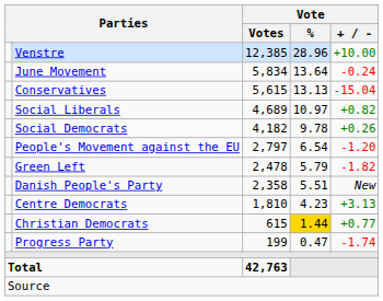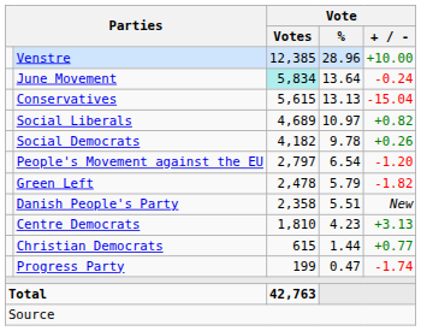 <table class="wikitable" style="text-align:right;">
 <tr>
 <th style="text-align:centre;" rowspan="2" colspan="2" width="225">Parties</th>
 <th colspan="3">Vote</th>
 </tr>
 <tr>
 <th width="15">Votes</th>
 <th width="15">%</th>
 <th width="15">+ / -</th>
 </tr>
 <tr>
 <td width="2" style="color:inherit;background:"></td>
 <td bgcolor=#cfe5fe   align="left"><a href='#'>Venstre</a></td>
 <td bgcolor=#cfe5fe>12,385</td>
 <td bgcolor=#cfe5fe>28.96</td>
 <td style=color:green;>+10.00</td>
 </tr>
 <tr>
 <td width="2" style="color:inherit;background:"></td>
 <td align="left"><a href='#'>June Movement</a></td>
-<td>5,834</td>
+<td style="background: paleturquoise;">5,834</td>
 <td>13.64</td>
 <td style=color:red;>-0.24</td>
 </tr>
 <tr>
 <td width="2" style="color:inherit;background:"></td>
 <td align="left"><a href='#'>Conservatives</a></td>
 <td>5,615</td>
 <td>13.13</td>
 <td style=color:red;>-15.04</td>
 </tr>
 <tr>
 <td width="2" style="color:inherit;background:"></td>
 <td align="left"><a href='#'>Social Liberals</a></td>
 <td>4,689</td>
 <td>10.97</td>
 <td style=color:green;>+0.82</td>
 </tr>
 <tr>
 <td width="2" style="color:inherit;background:"></td>
 <td align="left"><a href='#'>Social Democrats</a></td>
 <td>4,182</td>
 <td>9.78</td>
 <td style=color:green;>+0.26</td>
 </tr>
 <tr>
 <td width="2" style="color:inherit;background:"></td>
 <td align="left"><a href='#'>People's Movement against the EU</a></td>
 <td>2,797</td>
 <td>6.54</td>
 <td style=color:red;>-1.20</td>
 </tr>
 <tr>
 <td width="2" style="color:inherit;background:"></td>
 <td align="left"><a href='#'>Green Left</a></td>
 <td>2,478</td>
 <td>5.79</td>
 <td style=color:red;>-1.82</td>
 </tr>
 <tr>
 <td width="2" style="color:inherit;background:"></td>
 <td align="left"><a href='#'>Danish People's Party</a></td>
 <td>2,358</td>
 <td>5.51</td>
 <td><em>New</em></td>
 </tr>
 <tr>
 <td width="2" style="color:inherit;background:"></td>
 <td align="left"><a href='#'>Centre Democrats</a></td>
 <td>1,810</td>
 <td>4.23</td>
 <td style=color:green;>+3.13</td>
 </tr>
 <tr>
 <td width="2" style="color:inherit;background:"></td>
 <td align="left"><a href='#'>Christian Democrats</a></td>
 <td>615</td>
-<td style="background: gold;">1.44</td>
+<td>1.44</td>
 <td style=color:green;>+0.77</td>
 </tr>
 <tr>
 <td width="2" style="color:inherit;background:"></td>
 <td align="left"><a href='#'>Progress Party</a></td>
 <td>199</td>
 <td>0.47</td>
 <td style=color:red;>-1.74</td>
 </tr>
 <tr>
 <td colspan="7" bgcolor="#E9E9E9"></td>
 </tr>
 <tr>
 <td align="left" colspan="2"><strong>Total</strong></td>
 <td><strong>42,763</strong></td>
 <td bgcolor="#E9E9E9" colspan="2"></td>
 </tr>
 <tr>
 <td align="left" colspan="6">Source</td>
 </tr>
 </table>
